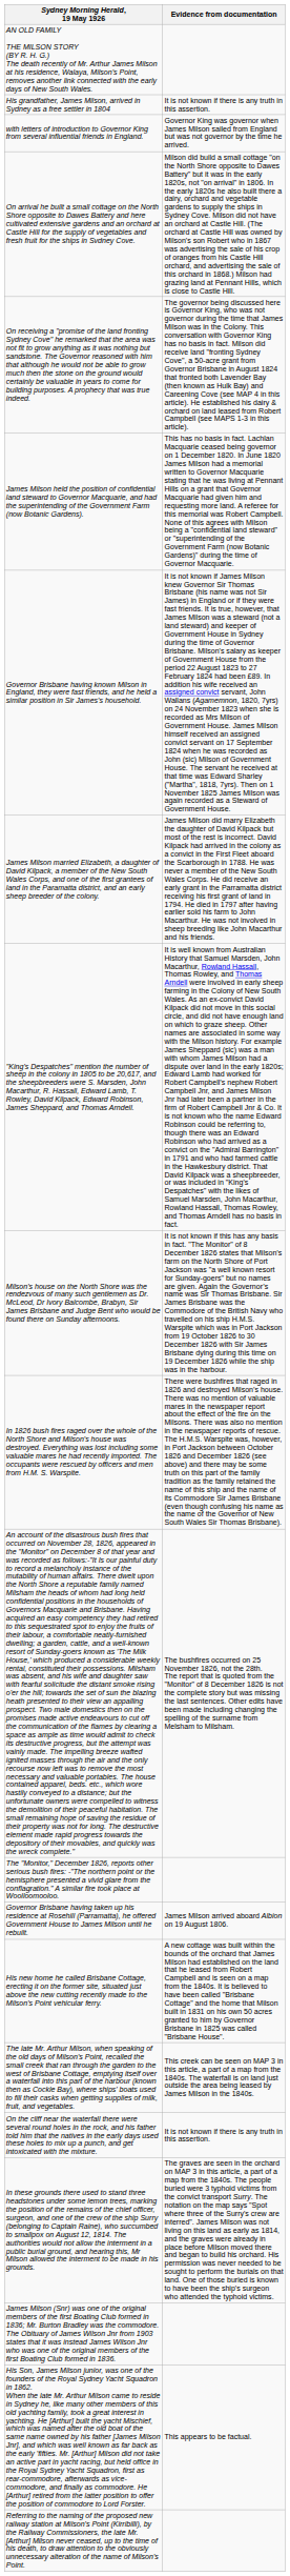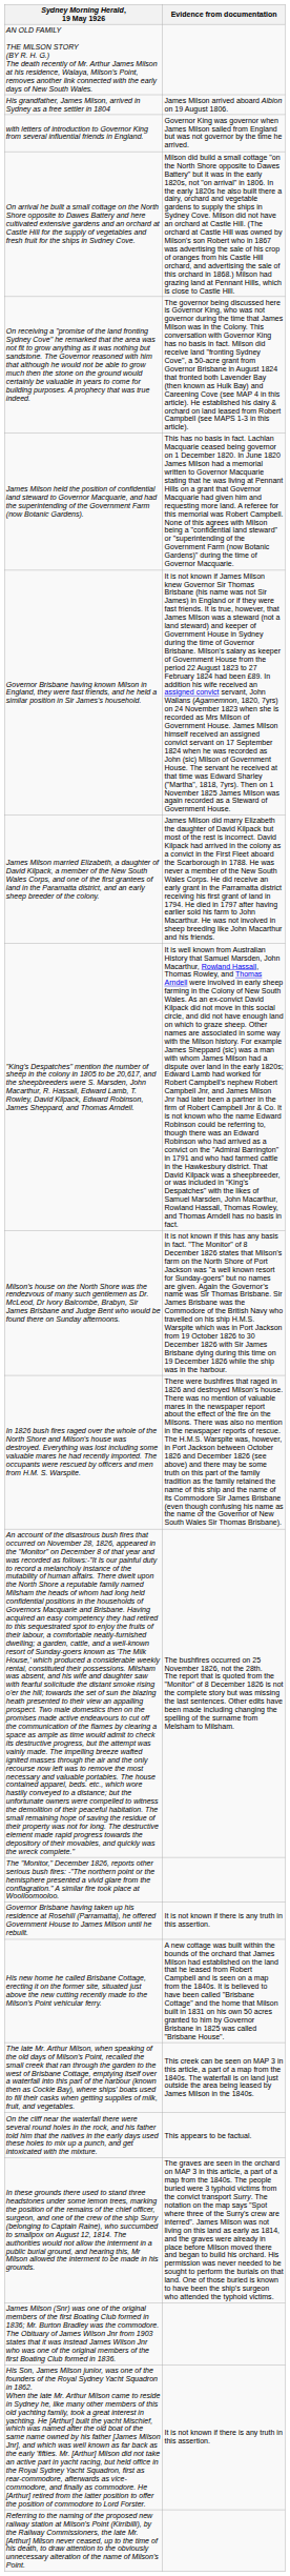 <table class="wikitable">
 <tr>
 <th><em>Sydney Morning Herald</em>,<br>19 May 1926</th>
 <th>Evidence from documentation</th>
 </tr>
 <tr>
 <td><em>AN OLD FAMILY</em><br><br><em>THE MILSON STORY</em><br> <em>(BY R. H. G.)</em><br> <em>The death recently of Mr. Arthur James Milson at his residence, Walaya, Milson's Point, removes another link connected with the early days of New South Wales.</em></td>
 <td></td>
 </tr>
 <tr>
 <td><em>His grandfather, James Milson, arrived in Sydney as a free settler in 1804</em></td>
-<td>It is not known if there is any truth in this assertion.</td>
+<td>James Milson arrived aboard <em>Albion</em> on 19 August 1806.</td>
 </tr>
 <tr>
 <td><em>with letters of introduction to Governor King from several influential friends in England.</em></td>
 <td>Governor King was governor when James Milson sailed from England but was not governor by the time he arrived.</td>
 </tr>
 <tr>
 <td><em>On arrival he built a small cottage on the North Shore opposite to Dawes Battery and here cultivated extensive gardens and an orchard at Castle Hill for the supply of vegetables and fresh fruit for the ships in Svdney Cove.</em></td>
 <td>Milson did build a small cottage "on the North Shore opposite to Dawes Battery" but it was in the early 1820s, not "on arrival" in 1806. In the early 1820s he also built there a dairy, orchard and vegetable gardens to supply the ships in Sydney Cove. Milson did not have an orchard at Castle Hill. (The orchard at Castle Hill was owned by Milson's son Robert who in 1867 was advertising the sale of his crop of oranges from his Castle Hill orchard, and advertising the sale of this orchard in 1868.) Milson had grazing land at Pennant Hills, which is close to Castle Hill.</td>
 </tr>
 <tr>
 <td><em>On receiving a "promise of the land fronting Sydney Cove" he remarked that the area was not fit to grow anything as it was nothing but sandstone. The Governor reasoned with him that although he would not be able to grow much then the stone on the ground would certainly be valuable in years to come for building purposes. A prophecy that was true indeed.</em></td>
 <td>The governor being discussed here is Governor King, who was not governor during the time that James Milson was in the Colony. This conversation with Governor King has no basis in fact. Milson did receive land "fronting Sydney Cove", a 50-acre grant from Governor Brisbane in August 1824 that fronted both Lavender Bay (then known as Hulk Bay) and Careening Cove (see MAP 4 in this article). He established his dairy & orchard on land leased from Robert Campbell (see MAPS 1-3 in this article).</td>
 </tr>
 <tr>
 <td><em>James Milson held the position of confidential land steward to Governor Macquarie, and had the superintending of the Government Farm (now Botanic Gardens).</em></td>
 <td>This has no basis in fact. Lachlan Macquarie ceased being governor on 1 December 1820. In June 1820 James Milson had a memorial written to Governor Macquarie stating that he was living at Pennant Hills on a grant that Governor Macquarie had given him and requesting more land. A referee for this memorial was Robert Campbell. None of this agrees with Milson being a "confidential land steward" or "superintending of the Government Farm (now Botanic Gardens)" during the time of Governor Macquarie.</td>
 </tr>
 <tr>
 <td><em>Governor Brisbane having known Milson in England, they were fast friends, and he held a similar position in Sir James's household.</em></td>
 <td>It is not known if James Milson knew Governor Sir Thomas Brisbane (his name was not Sir James) in England or if they were fast friends. It is true, however, that James Milson was a steward (not a land steward) and keeper of Government House in Sydney during the time of Governor Brisbane. Milson's salary as keeper of Government House from the period 22 August 1823 to 27 February 1824 had been £89. In addition his wife received an <a href='#'>assigned convict</a> servant, John Wallans (<em>Agamemnon</em>, 1820, 7yrs) on 24 November 1823 when she is recorded as Mrs Milson of Government House. James Milson himself received an assigned convict servant on 17 September 1824 when he was recorded as John (sic) Milson of Government House. The servant he received at that time was Edward Sharley ("Martha", 1818, 7yrs). Then on 1 November 1825 James Milson was again recorded as a Steward of Government House.</td>
 </tr>
 <tr>
 <td><em>James Milson married Elizabeth, a daughter of David Kilpack, a member of the New South Wales Corps, and one of the first grantees of land in the Paramatta district, and an early sheep breeder of the colony.</em></td>
 <td>James Milson did marry Elizabeth the daughter of David Kilpack but most of the rest is incorrect. David Kilpack had arrived in the colony as a convict in the First Fleet aboard the Scarborough in 1788. He was never a member of the New South Wales Corps. He did receive an early grant in the Parramatta district receiving his first grant of land in 1794. He died in 1797 after having earlier sold his farm to John Macarthur. He was not involved in sheep breeding like John Macarthur and his friends.</td>
 </tr>
 <tr>
 <td><em>"King's Despatches" mention the number of sheep in the colony in 1805 to be 20,617, and the sheepbreeders were S. Marsden, John Macarthur, R. Hassall, Edward Lamb, T. Rowley, David Kilpack, Edward Robinson, James Sheppard, and Thomas Arndell.</em></td>
 <td>It is well known from Australian History that Samuel Marsden, John Macarthur, <a href='#'>Rowland Hassall</a>, Thomas Rowley, and <a href='#'>Thomas Arndell</a> were involved in early sheep farming in the Colony of New South Wales. As an ex-convict David Kilpack did not move in this social circle, and did not have enough land on which to graze sheep. Other names are associated in some way with the Milson history. For example James Sheppard (sic) was a man with whom James Milson had a dispute over land in the early 1820s; Edward Lamb had worked for Robert Campbell’s nephew Robert Campbell Jnr, and James Milson Jnr had later been a partner in the firm of Robert Campbell Jnr & Co. It is not known who the name Edward Robinson could be referring to, though there was an Edward Robinson who had arrived as a convict on the "Admiral Barrington" in 1791 and who had farmed cattle in the Hawkesbury district. That David Kilpack was a sheepbreeder, or was included in "King's Despatches" with the likes of Samuel Marsden, John Macarthur, Rowland Hassall, Thomas Rowley, and Thomas Arndell has no basis in fact.</td>
 </tr>
 <tr>
 <td><em>Milson's house on the North Shore was the rendezvous of many such gentlemen as Dr. McLeod, Dr Ivory Balcombe, Brabyn, Sir James Brisbane and Judge Bent who would be found there on Sunday afternoons.</em></td>
 <td>It is not known if this has any basis in fact. "The Monitor" of 8 December 1826 states that Milson’s farm on the North Shore of Port Jackson was "a well known resort for Sunday-goers" but no names are given. Again the Governor’s name was Sir Thomas Brisbane. Sir James Brisbane was the Commodore of the British Navy who travelled on his ship H.M.S. Warspite which was in Port Jackson from 19 October 1826 to 30 December 1826 with Sir James Brisbane dying during this time on 19 December 1826 while the ship was in the harbour.</td>
 </tr>
 <tr>
 <td><em>In 1826 bush fires raged over the whole of the North Shore and Milson's house was destroyed. Everything was lost including some valuable mares he had recently imported. The occupants were rescued by officers and men from H.M. S. Warspite.</em></td>
 <td>There were bushfires that raged in 1826 and destroyed Milson’s house. There was no mention of valuable mares in the newspaper report about the effect of the fire on the Milsons. There was also no mention in the newspaper reports of rescue. The H.M.S. Warspite was, however, in Port Jackson between October 1826 and December 1826 (see above) and there may be some truth on this part of the family tradition as the family retained the name of this ship and the name of its Commodore Sir James Brisbane (even though confusing his name as the name of the Governor of New South Wales Sir Thomas Brisbane).</td>
 </tr>
 <tr>
 <td><em>An account of the disastrous bush fires that occurred on November 28, 1826, appeared in the "Monitor" on December 8 of that year and was recorded as follows:-"It Is our painful duty to record a melancholy instance of the mutability of human affairs. There dwelt upon the North Shore a reputable family named Milsham the heads of whom had long held confidential positions in the households of Governors Macquarie and Brisbane. Having acquired an easy competency they had retired to this sequestrated spot to enjoy the fruits of their labour, a comfortable neatly-furnished dwelling; a garden, cattle, and a well-known resort of Sunday-goers known as 'The Milk House,' which produced a considerable weekly rental, constituted their possessions. Milsham was absent, and his wife and daughter saw with fearful solicitude the distant smoke rising o'er the hill; towards the set of sun the blazing heath presented to their view an appalling prospect. Two male domestics then on the promises made active endeavours to cut off the communication of the flames by clearing a space as ample as time would admit to check its destructive progress, but the attempt was vainly made. The impelling breeze wafted ignited masses through the air and the only recourse now left was to remove the most necessary and valuable portables. The house contained apparel, beds. etc., which wore hastily conveyed to a distance; but the unfortunate owners were compelled to witness the demolition of their peaceful habitation. The small remaining hope of saving the residue of their property was not for long. The destructive element made rapid progress towards the depository of their movables, and quickly was the wreck complete."</em></td>
 <td>The bushfires occurred on 25 November 1826, not the 28th.<br>The report that is quoted from the "Monitor" of 8 December 1826 is not the complete story but was missing the last sentences. Other edits have been made including changing the spelling of the surname from Melsham to Milsham.</td>
 </tr>
 <tr>
 <td><em>The "Monitor," December 1826, reports other serious bush fires: -"The northern point or the hemisphere presented a vivid glare from the conflagration." A similar fire took place at Woolloomooloo.</em></td>
 <td></td>
 </tr>
 <tr>
 <td><em>Governor Brisbane having taken up his residence at Rosehill (Parramatta), he offered Government House to James Milson until he rebuilt.</em></td>
-<td>James Milson arrived aboard <em>Albion</em> on 19 August 1806.</td>
+<td>It is not known if there is any truth in this assertion.</td>
 </tr>
 <tr>
 <td><em>His new home he called Brisbane Cottage, erecting it on the former site, situated just above the new cutting recently made to the Milson's Point vehicular ferry.</em></td>
 <td>A new cottage was built within the bounds of the orchard that James Milson had established on the land that he leased from Robert Campbell and is seen on a map from the 1840s. It is believed to have been called "Brisbane Cottage" and the home that Milson built in 1831 on his own 50 acres granted to him by Governor Brisbane in 1825 was called "Brisbane House".</td>
 </tr>
 <tr>
 <td><em>The late Mr. Arthur Milson, when speaking of the old days of Milson's Point, recalled the small creek that ran through the garden to the west of Brisbane Cottage, emptying itself over a waterfall into this part of the harbour (known then as Cockle Bay), where ships' boats used to fill their casks when getting supplies of milk, fruit, and vegetables.</em></td>
 <td>This creek can be seen on MAP 3 in this article, a part of a map from the 1840s. The waterfall is on land just outside the area being leased by James Milson in the 1840s.</td>
 </tr>
 <tr>
 <td><em>On the cliff near the waterfall there were several round holes in the rock, and his father told him that the natives in the early days used these holes to mix up a punch, and get intoxicated with the mixture.</em></td>
-<td>It is not known if there is any truth in this assertion.</td>
+<td>This appears to be factual.</td>
 </tr>
 <tr>
 <td><em>In these grounds there used to stand three headstones under some lemon trees, marking the position of the remains of the chief officer, surgeon, and one of the crew of the ship Surry (belonging to Captain Raine), who succumbed to smallpox on August 12, 1814. The authorities would not allow the interment in a public burial ground, and hearing this, Mr Milson allowed the interment to be made in his grounds.</em></td>
 <td>The graves are seen in the orchard on MAP 3 in this article, a part of a map from the 1840s. The people buried were 3 typhoid victims from the convict transport <em>Surry</em>. The notation on the map says "Spot where three of the Surry's crew are interred". James Milson was not living on this land as early as 1814, and the graves were already in place before Milson moved there and began to build his orchard. His permission was never needed to be sought to perform the burials on that land. One of those buried is known to have been the ship's surgeon who attended the typhoid victims.</td>
 </tr>
 <tr>
 <td><em>James Milson (Snr) was one of the original members of the first Boating Club formed in 1836; Mr. Burton Bradley was the commodore. The Obituary of James Wilson Jnr from 1903 states that it was instead James Wilson Jnr who was one of the original members of the first Boating Club formed in 1836.</em></td>
 </tr>
 <tr>
 <td><em>His Son, James Milson junior, was one of the founders of the Royal Sydney Yacht Squadron in 1862.</em><br><em>When the late Mr. Arthur Milson came to reside in Sydney he, like many other members of this old yachting family, took a great interest in yachting. He [Arthur] built the yacht Mischief, which was named after the old boat of the same name owned by his father [James Milson Jnr], and which was well known as far back as the early 'fifties. Mr. [Arthur] Milson did not take an active part in yacht racing, but held office in the Royal Sydney Yacht Squadron, first as rear-commodore, afterwards as vice-commodore, and finally as commodore. He [Arthur] retired from the latter position to offer the position of commodore to Lord Forster.</em></td>
-<td>This appears to be factual.</td>
+<td>It is not known if there is any truth in this assertion.</td>
 </tr>
 <tr>
 <td><em>Referring to the naming of the proposed new railway station at Milson's Point (Kirribilli), by the Railway Commissioners, the late Mr. [Arthur] Milson never ceased, up to the time of his death, to draw attention to the obviously unnecessary alteration of the name of Milson's Point.</em></td>
 <td></td>
 </tr>
 </table>
